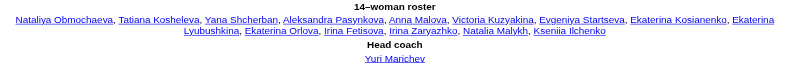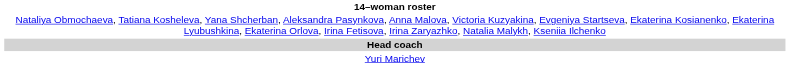 <table style="text-align: center; margin-top: 2em; margin-left: auto; margin-right: auto">
 <tr>
 <td><strong>14–woman roster</strong></td>
 </tr>
 <tr>
 <td><a href='#'>Nataliya Obmochaeva</a>, <a href='#'>Tatiana Kosheleva</a>, <a href='#'>Yana Shcherban</a>, <a href='#'>Aleksandra Pasynkova</a>, <a href='#'>Anna Malova</a>, <a href='#'>Victoria Kuzyakina</a>, <a href='#'>Evgeniya Startseva</a>, <a href='#'>Ekaterina Kosianenko</a>, <a href='#'>Ekaterina Lyubushkina</a>, <a href='#'>Ekaterina Orlova</a>, <a href='#'>Irina Fetisova</a>, <a href='#'>Irina Zaryazhko</a>, <a href='#'>Natalia Malykh</a>, <a href='#'>Kseniia Ilchenko</a></td>
 </tr>
 <tr>
-<td><strong>Head coach</strong></td>
+<td style="background: lightgrey;"><strong>Head coach</strong></td>
 </tr>
 <tr>
 <td><a href='#'>Yuri Marichev</a></td>
 </tr>
 </table>
